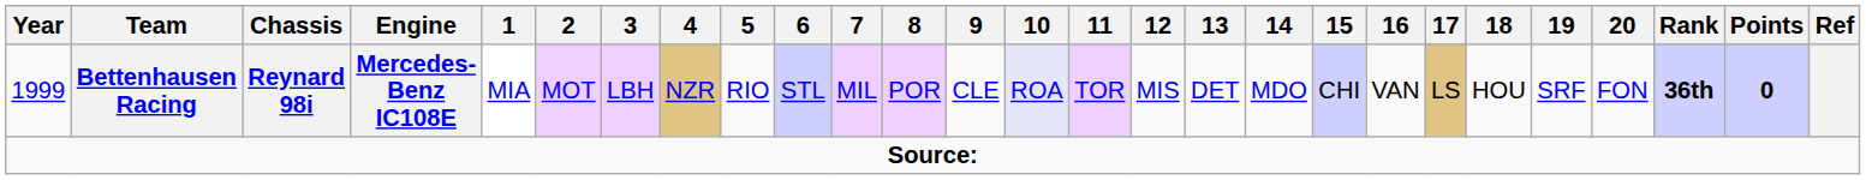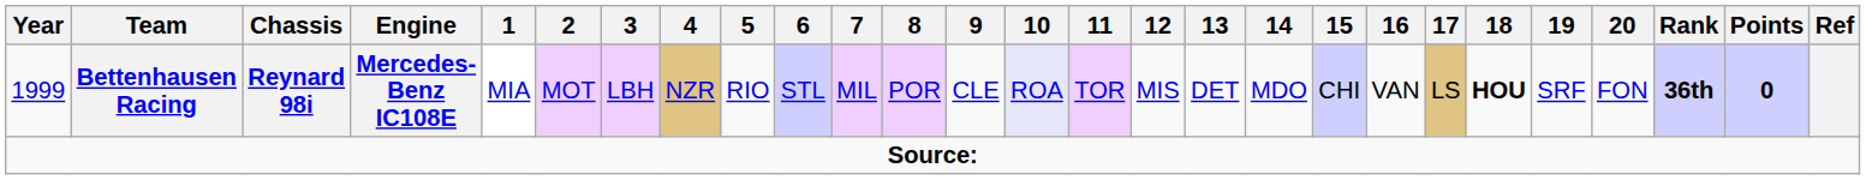 <table class="wikitable" style="text-align:center; font-size:90%">
 <tr>
 <th>Year</th>
 <th>Team</th>
 <th>Chassis</th>
 <th>Engine</th>
 <th>1</th>
 <th>2</th>
 <th>3</th>
 <th>4</th>
 <th>5</th>
 <th>6</th>
 <th>7</th>
 <th>8</th>
 <th>9</th>
 <th>10</th>
 <th>11</th>
 <th>12</th>
 <th>13</th>
 <th>14</th>
 <th>15</th>
 <th>16</th>
 <th>17</th>
 <th>18</th>
 <th>19</th>
 <th>20</th>
 <th>Rank</th>
 <th>Points</th>
 <th>Ref</th>
 </tr>
 <tr>
 <td><a href='#'>1999</a></td>
 <th><a href='#'>Bettenhausen Racing</a></th>
 <th><a href='#'>Reynard 98i</a></th>
 <th><a href='#'>Mercedes-Benz</a> <a href='#'>IC108E</a></th>
 <td style="background:#FFFFFF;"><a href='#'>MIA</a><br></td>
 <td style="background:#EFCFFF;"><a href='#'>MOT</a><br></td>
 <td style="background:#EFCFFF;"><a href='#'>LBH</a><br></td>
 <td style="background:#DFC484;"><a href='#'>NZR</a><br></td>
 <td><a href='#'>RIO</a></td>
 <td style="background:#CFCFFF;"><a href='#'>STL</a><br></td>
 <td style="background:#EFCFFF;"><a href='#'>MIL</a><br></td>
 <td style="background:#EFCFFF;"><a href='#'>POR</a><br></td>
 <td><a href='#'>CLE</a></td>
 <td style="background: lavender;"><a href='#'>ROA</a></td>
 <td style="background:#EFCFFF;"><a href='#'>TOR</a><br></td>
 <td><a href='#'>MIS</a></td>
 <td><a href='#'>DET</a></td>
 <td><a href='#'>MDO</a></td>
 <td style="background:#CFCFFF;">CHI<br></td>
 <td>VAN</td>
 <td style="background:#DFC484;">LS<br></td>
-<td>HOU</td>
+<td><strong>HOU</strong></td>
 <td><a href='#'>SRF</a></td>
 <td><a href='#'>FON</a></td>
 <td style="background:#CFCFFF;"><strong>36th</strong></td>
 <td style="background:#CFCFFF;"><strong>0</strong></td>
 <th></th>
 </tr>
 <tr>
 <td colspan="27"><strong>Source:</strong></td>
 </tr>
 </table>
